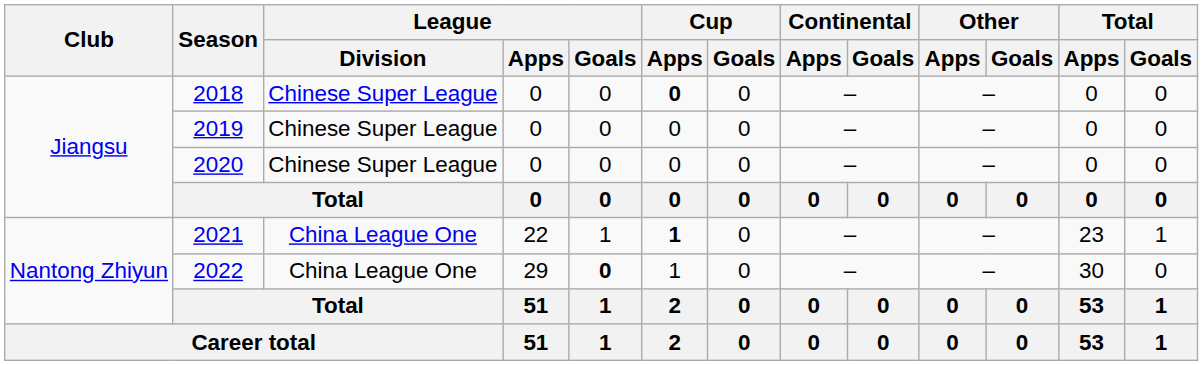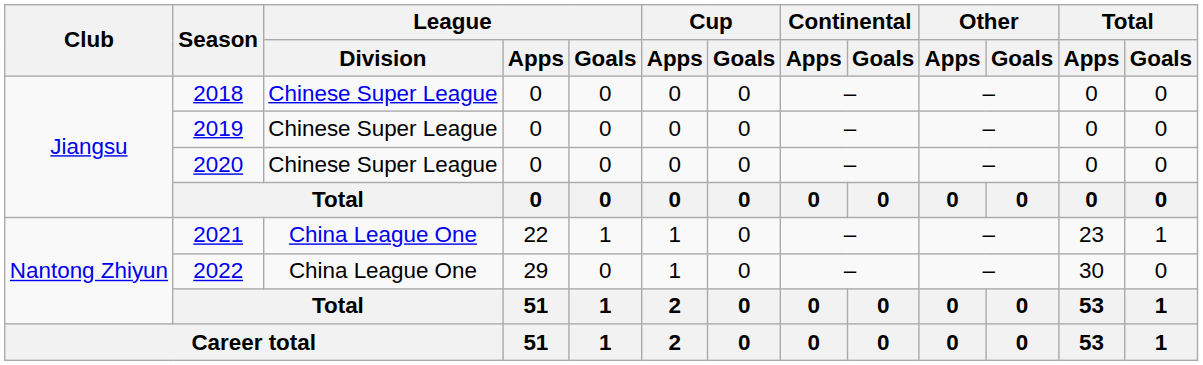 <table class="wikitable" style="text-align: center">
 <tr>
 <th rowspan="2">Club</th>
 <th rowspan="2">Season</th>
 <th colspan="3">League</th>
 <th colspan="2">Cup</th>
 <th colspan="2">Continental</th>
 <th colspan="2">Other</th>
 <th colspan="2">Total</th>
 </tr>
 <tr>
 <th>Division</th>
 <th>Apps</th>
 <th>Goals</th>
 <th>Apps</th>
 <th>Goals</th>
 <th>Apps</th>
 <th>Goals</th>
 <th>Apps</th>
 <th>Goals</th>
 <th>Apps</th>
 <th>Goals</th>
 </tr>
 <tr>
 <td rowspan=4><a href='#'>Jiangsu</a></td>
 <td><a href='#'>2018</a></td>
 <td><a href='#'>Chinese Super League</a></td>
 <td>0</td>
 <td>0</td>
-<td><strong>0</strong></td>
+<td>0</td>
 <td>0</td>
 <td colspan="2">–</td>
 <td colspan="2">–</td>
 <td>0</td>
 <td>0</td>
 </tr>
 <tr>
 <td><a href='#'>2019</a></td>
 <td>Chinese Super League</td>
 <td>0</td>
 <td>0</td>
 <td>0</td>
 <td>0</td>
 <td colspan="2">–</td>
 <td colspan="2">–</td>
 <td>0</td>
 <td>0</td>
 </tr>
 <tr>
 <td><a href='#'>2020</a></td>
 <td>Chinese Super League</td>
 <td>0</td>
 <td>0</td>
 <td>0</td>
 <td>0</td>
 <td colspan="2">–</td>
 <td colspan="2">–</td>
 <td>0</td>
 <td>0</td>
 </tr>
 <tr>
 <th colspan=2>Total</th>
 <th>0</th>
 <th>0</th>
 <th>0</th>
 <th>0</th>
 <th>0</th>
 <th>0</th>
 <th>0</th>
 <th>0</th>
 <th>0</th>
 <th>0</th>
 </tr>
 <tr>
 <td rowspan=3><a href='#'>Nantong Zhiyun</a></td>
 <td><a href='#'>2021</a></td>
 <td><a href='#'>China League One</a></td>
 <td>22</td>
 <td>1</td>
-<td><strong>1</strong></td>
+<td>1</td>
 <td>0</td>
 <td colspan="2">–</td>
 <td colspan="2">–</td>
 <td>23</td>
 <td>1</td>
 </tr>
 <tr>
 <td><a href='#'>2022</a></td>
 <td>China League One</td>
 <td>29</td>
-<td><strong>0</strong></td>
+<td>0</td>
 <td>1</td>
 <td>0</td>
 <td colspan="2">–</td>
 <td colspan="2">–</td>
 <td>30</td>
 <td>0</td>
 </tr>
 <tr>
 <th colspan=2>Total</th>
 <th>51</th>
 <th>1</th>
 <th>2</th>
 <th>0</th>
 <th>0</th>
 <th>0</th>
 <th>0</th>
 <th>0</th>
 <th>53</th>
 <th>1</th>
 </tr>
 <tr>
 <th colspan=3>Career total</th>
 <th>51</th>
 <th>1</th>
 <th>2</th>
 <th>0</th>
 <th>0</th>
 <th>0</th>
 <th>0</th>
 <th>0</th>
 <th>53</th>
 <th>1</th>
 </tr>
 </table>
